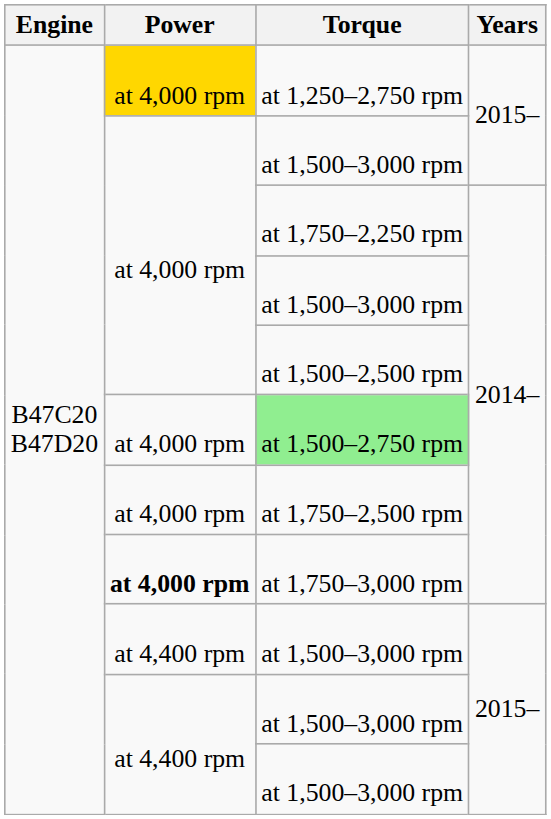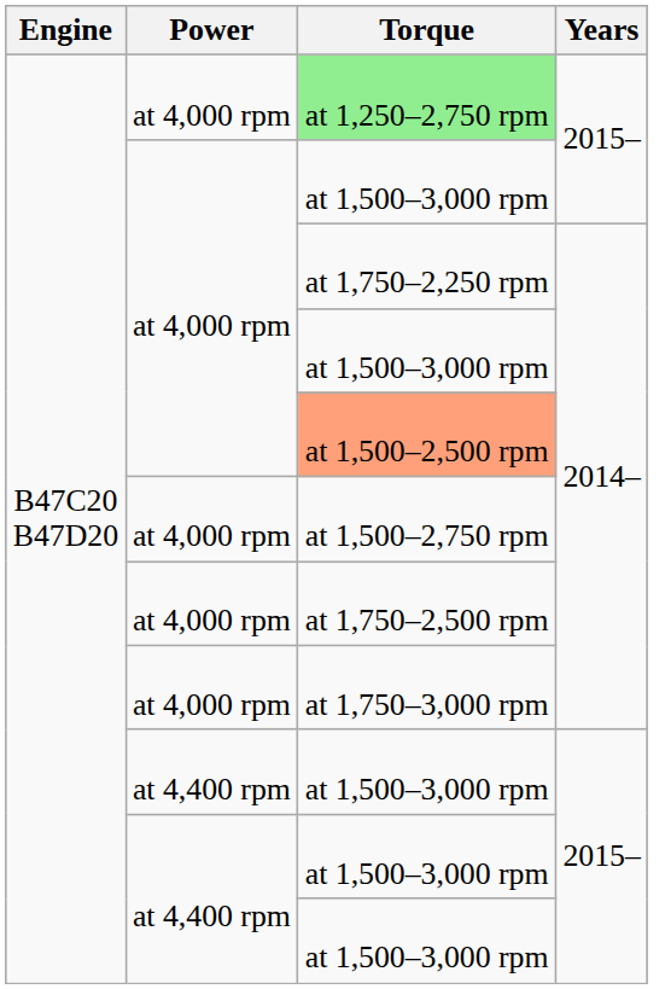 <table class="wikitable sortable" style="text-align: center;">
 <tr>
 <th>Engine</th>
 <th>Power</th>
 <th>Torque</th>
 <th>Years</th>
 </tr>
 <tr>
 <td rowspan="11">B47C20<br>B47D20</td>
-<td style="background: gold;"> <br> at 4,000 rpm</td>
-<td> <br> at 1,250–2,750 rpm</td>
+<td> <br> at 4,000 rpm</td>
+<td style="background: lightgreen;"> <br> at 1,250–2,750 rpm</td>
 <td rowspan="2">2015–</td>
 </tr>
 <tr>
 <td rowspan="4"> <br> at 4,000 rpm</td>
 <td> <br> at 1,500–3,000 rpm</td>
 </tr>
 <tr>
 <td> <br> at 1,750–2,250 rpm</td>
 <td rowspan="6">2014–</td>
 </tr>
 <tr>
 <td> <br> at 1,500–3,000 rpm</td>
 </tr>
 <tr>
-<td> <br> at 1,500–2,500 rpm</td>
+<td style="background: lightsalmon;"> <br> at 1,500–2,500 rpm</td>
 </tr>
 <tr>
 <td> <br> at 4,000 rpm</td>
-<td style="background: lightgreen;"> <br> at 1,500–2,750 rpm</td>
+<td> <br> at 1,500–2,750 rpm</td>
 </tr>
 <tr>
 <td> <br> at 4,000 rpm</td>
 <td> <br> at 1,750–2,500 rpm</td>
 </tr>
 <tr>
-<td><strong> <br> at 4,000 rpm</strong></td>
+<td> <br> at 4,000 rpm</td>
 <td> <br> at 1,750–3,000 rpm</td>
 </tr>
 <tr>
 <td> <br> at 4,400 rpm</td>
 <td> <br> at 1,500–3,000 rpm</td>
 <td rowspan="3">2015–</td>
 </tr>
 <tr>
 <td rowspan="2"> <br> at 4,400 rpm</td>
 <td> <br> at 1,500–3,000 rpm</td>
 </tr>
 <tr>
 <td> <br> at 1,500–3,000 rpm</td>
 </tr>
 </table>
